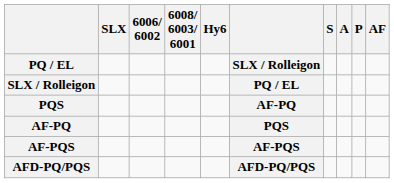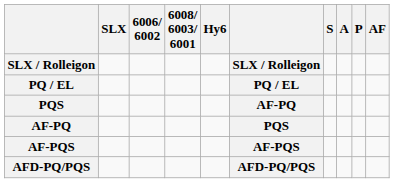 <table class="wikitable" style="font-size:100%;text-align:center;">
 <tr>
 <th></th>
 <th>SLX</th>
 <th>6006/<br>6002</th>
 <th>6008/<br>6003/<br>6001</th>
 <th>Hy6</th>
 <th></th>
 <th>S</th>
 <th>A</th>
 <th>P</th>
 <th>AF</th>
 </tr>
 <tr>
-<th>PQ / EL</th>
+<th>SLX / Rolleigon</th>
 <td></td>
 <td></td>
 <td></td>
 <td></td>
 <th>SLX / Rolleigon</th>
 <td></td>
 <td></td>
 <td></td>
 <td></td>
 </tr>
 <tr>
-<th>SLX / Rolleigon</th>
+<th>PQ / EL</th>
 <td></td>
 <td></td>
 <td></td>
 <td></td>
 <th>PQ / EL</th>
 <td></td>
 <td></td>
 <td></td>
 <td></td>
 </tr>
 <tr>
 <th>PQS</th>
 <td></td>
 <td></td>
 <td></td>
 <td></td>
 <th>AF-PQ</th>
 <td></td>
 <td></td>
 <td></td>
 <td></td>
 </tr>
 <tr>
 <th>AF-PQ</th>
 <td></td>
 <td></td>
 <td></td>
 <td></td>
 <th>PQS</th>
 <td></td>
 <td></td>
 <td></td>
 <td></td>
 </tr>
 <tr>
 <th>AF-PQS</th>
 <td></td>
 <td></td>
 <td></td>
 <td></td>
 <th>AF-PQS</th>
 <td></td>
 <td></td>
 <td></td>
 <td></td>
 </tr>
 <tr>
 <th>AFD-PQ/PQS</th>
 <td></td>
 <td></td>
 <td></td>
 <td></td>
 <th>AFD-PQ/PQS</th>
 <td></td>
 <td></td>
 <td></td>
 <td></td>
 </tr>
 </table>
